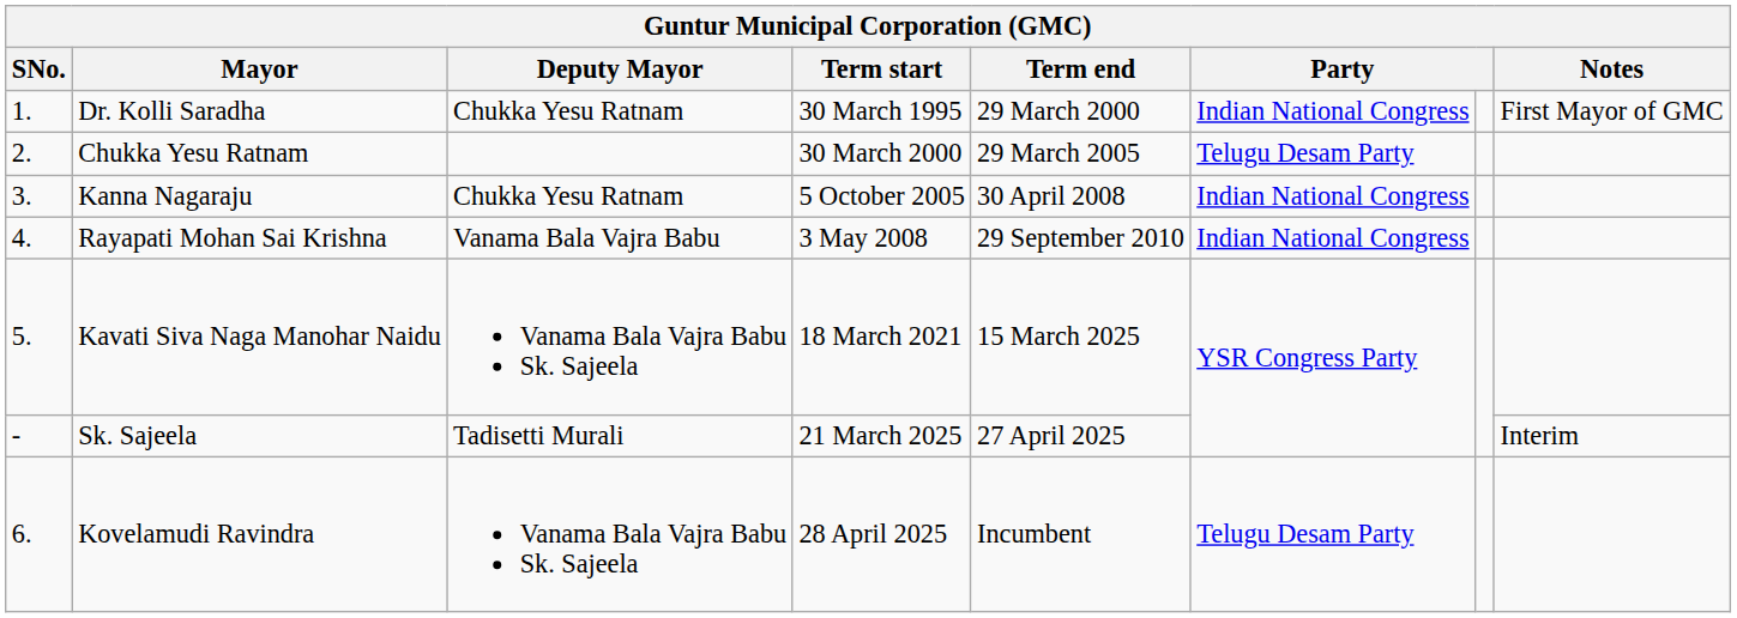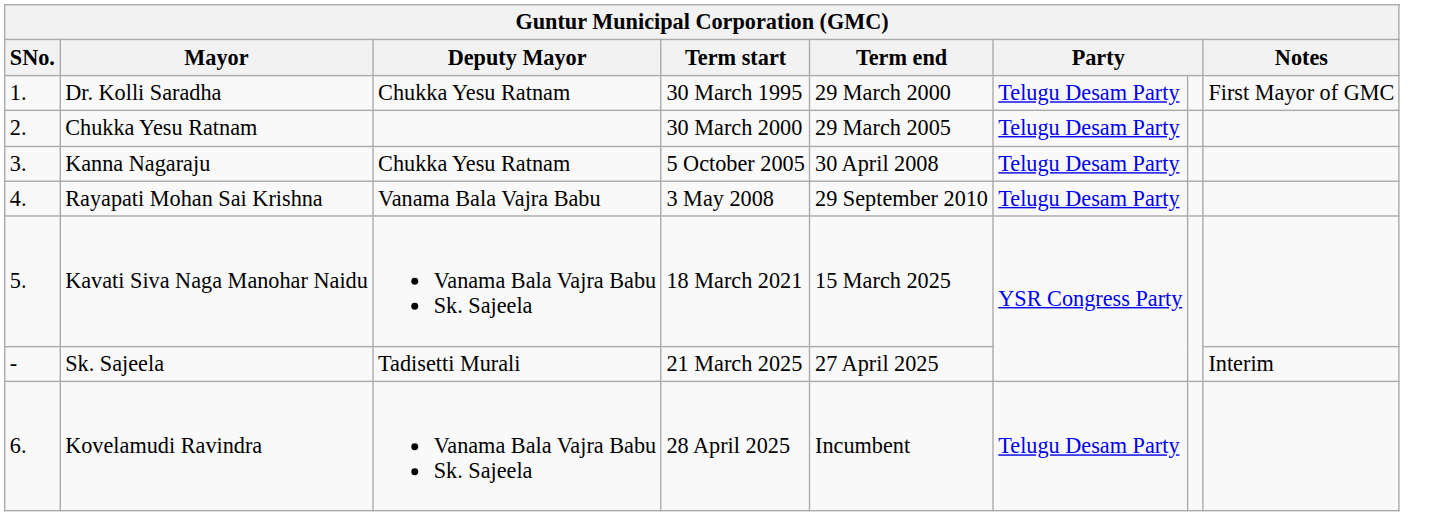 <table class="wikitable sortable">
 <tr>
 <th colspan="8">Guntur Municipal Corporation (GMC)</th>
 </tr>
 <tr>
 <th>SNo.</th>
 <th>Mayor</th>
 <th style="white-space: nowrap;">Deputy Mayor</th>
 <th>Term start</th>
 <th>Term end</th>
 <th colspan=2>Party</th>
 <th>Notes</th>
 </tr>
 <tr>
 <td>1.</td>
 <td>Dr. Kolli Saradha</td>
 <td>Chukka Yesu Ratnam</td>
 <td>30 March 1995</td>
 <td>29 March 2000</td>
-<td rowspan="1"><a href='#'>Indian National Congress</a></td>
+<td rowspan="1"><a href='#'>Telugu Desam Party</a></td>
 <td rowspan="1" width="4px" style="background-color: "></td>
 <td>First Mayor of GMC</td>
 </tr>
 <tr>
 <td>2.</td>
 <td>Chukka Yesu Ratnam</td>
 <td></td>
 <td>30 March 2000</td>
 <td>29 March 2005</td>
 <td rowspan="1"><a href='#'>Telugu Desam Party</a></td>
 <td rowspan="1" width="4px" style="background-color: "></td>
 <td></td>
 </tr>
 <tr>
 <td>3.</td>
 <td>Kanna Nagaraju</td>
 <td>Chukka Yesu Ratnam</td>
 <td>5 October 2005</td>
 <td>30 April 2008</td>
-<td rowspan="1"><a href='#'>Indian National Congress</a></td>
+<td rowspan="1"><a href='#'>Telugu Desam Party</a></td>
 <td rowspan="1" width="4px" style="background-color: "></td>
 <td></td>
 </tr>
 <tr>
 <td>4.</td>
 <td>Rayapati Mohan Sai Krishna</td>
 <td>Vanama Bala Vajra Babu</td>
 <td>3 May 2008</td>
 <td>29 September 2010</td>
-<td rowspan="1"><a href='#'>Indian National Congress</a></td>
+<td rowspan="1"><a href='#'>Telugu Desam Party</a></td>
 <td rowspan="1" width="4px" style="background-color: "></td>
 <td></td>
 </tr>
 <tr>
 <td>5.</td>
 <td>Kavati Siva Naga Manohar Naidu</td>
 <td><br><ul><li>Vanama Bala Vajra Babu</li><li>Sk. Sajeela</li></ul></td>
 <td>18 March 2021</td>
 <td>15 March 2025 </td>
 <td rowspan="2"><a href='#'>YSR Congress Party</a></td>
 <td rowspan="2" width="4px" style="background-color: "></td>
 <td></td>
 </tr>
 <tr>
 <td>-</td>
 <td>Sk. Sajeela</td>
 <td>Tadisetti Murali</td>
 <td>21 March 2025</td>
 <td>27 April 2025</td>
 <td>Interim</td>
 </tr>
 <tr>
 <td>6.</td>
 <td>Kovelamudi Ravindra</td>
 <td><br><ul><li>Vanama Bala Vajra Babu</li><li>Sk. Sajeela</li></ul></td>
 <td>28 April 2025</td>
 <td>Incumbent</td>
 <td rowspan="1"><a href='#'>Telugu Desam Party</a></td>
 <td rowspan="1" width="4px" style="background-color: "></td>
 <td></td>
 </tr>
 </table>
